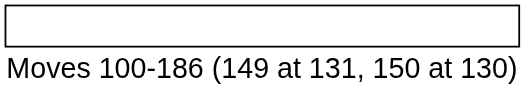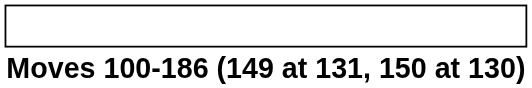 <table style="display:inline; display:inline-table;">
 <tr>
 <td style="border: solid thin; padding: 2px;"><br></td>
 </tr>
 <tr>
-<td style="text-align:center">Moves 100-186 (149 at 131, 150 at 130)</td>
+<td style="text-align:center"><strong>Moves 100-186 (149 at 131, 150 at 130)</strong></td>
 </tr>
 </table>
